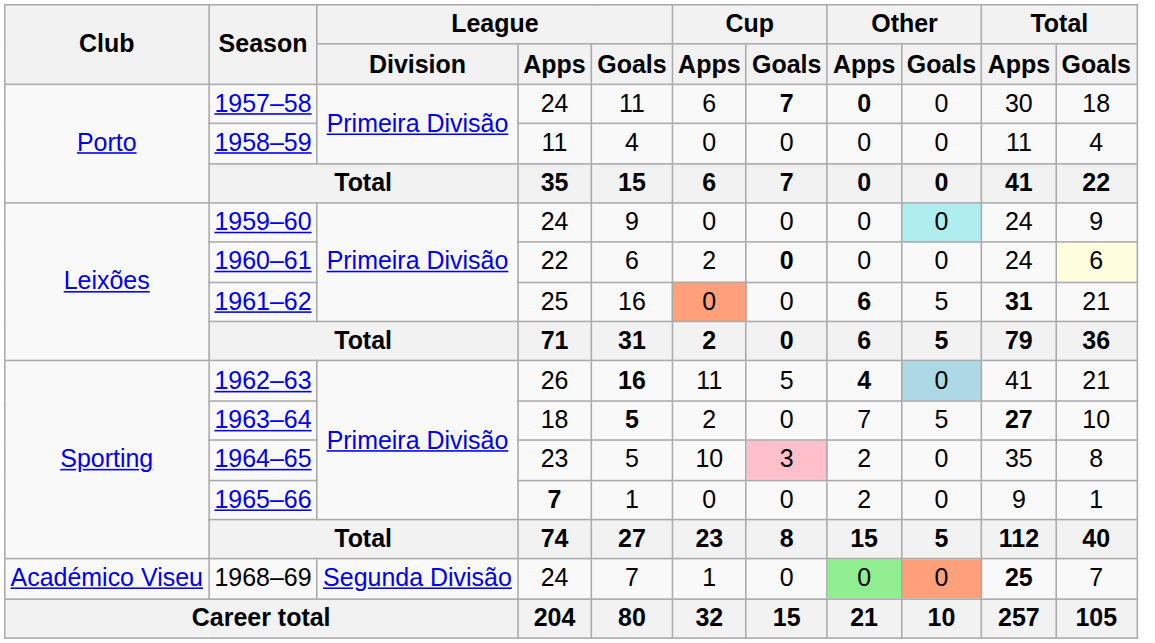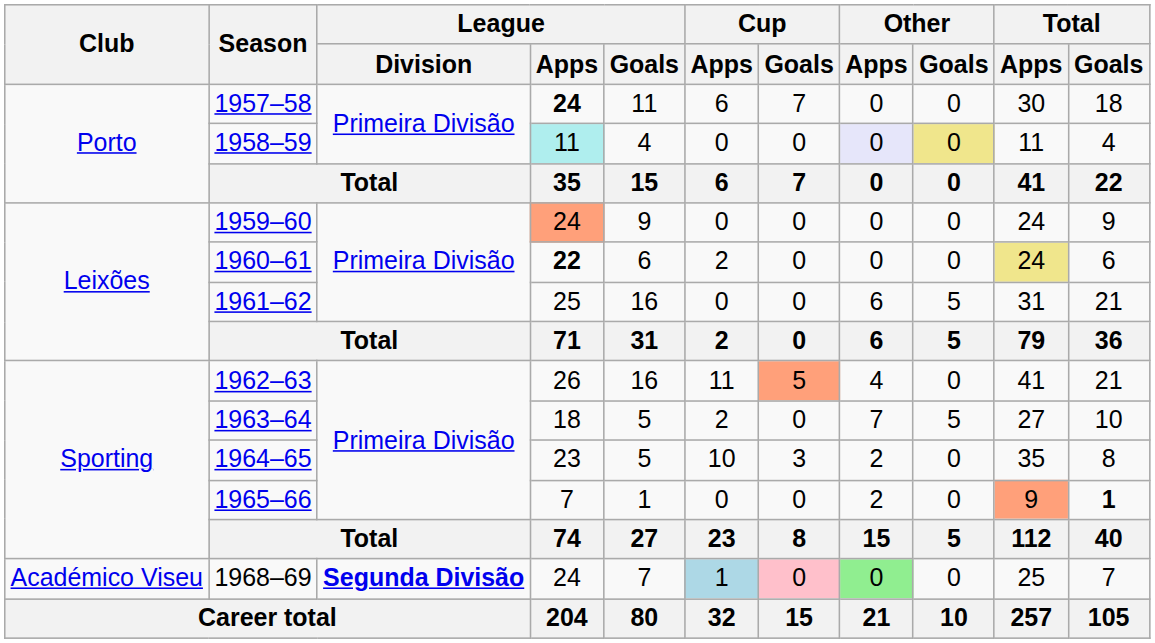 <table class="wikitable" style="text-align: center">
 <tr>
 <th rowspan="2">Club</th>
 <th rowspan="2">Season</th>
 <th colspan="3">League</th>
 <th colspan="2">Cup</th>
 <th colspan="2">Other</th>
 <th colspan="2">Total</th>
 </tr>
 <tr>
 <th>Division</th>
 <th>Apps</th>
 <th>Goals</th>
 <th>Apps</th>
 <th>Goals</th>
 <th>Apps</th>
 <th>Goals</th>
 <th>Apps</th>
 <th>Goals</th>
 </tr>
 <tr>
 <td rowspan="3"><a href='#'>Porto</a></td>
 <td><a href='#'>1957–58</a></td>
 <td rowspan="2"><a href='#'>Primeira Divisão</a></td>
-<td>24</td>
+<td><strong>24</strong></td>
 <td>11</td>
 <td>6</td>
-<td><strong>7</strong></td>
-<td><strong>0</strong></td>
+<td>7</td>
+<td>0</td>
 <td>0</td>
 <td>30</td>
 <td>18</td>
 </tr>
 <tr>
 <td><a href='#'>1958–59</a></td>
-<td>11</td>
+<td style="background: paleturquoise;">11</td>
 <td>4</td>
 <td>0</td>
 <td>0</td>
-<td>0</td>
-<td>0</td>
+<td style="background: lavender;">0</td>
+<td style="background: khaki;">0</td>
 <td>11</td>
 <td>4</td>
 </tr>
 <tr>
 <th colspan="2"><strong>Total</strong></th>
 <th>35</th>
 <th>15</th>
 <th>6</th>
 <th>7</th>
 <th>0</th>
 <th>0</th>
 <th>41</th>
 <th>22</th>
 </tr>
 <tr>
 <td rowspan="4"><a href='#'>Leixões</a></td>
 <td><a href='#'>1959–60</a></td>
 <td rowspan="3"><a href='#'>Primeira Divisão</a></td>
-<td>24</td>
+<td style="background: lightsalmon;">24</td>
 <td>9</td>
 <td>0</td>
 <td>0</td>
 <td>0</td>
-<td style="background: paleturquoise;">0</td>
+<td>0</td>
 <td>24</td>
 <td>9</td>
 </tr>
 <tr>
 <td><a href='#'>1960–61</a></td>
-<td>22</td>
+<td><strong>22</strong></td>
 <td>6</td>
 <td>2</td>
-<td><strong>0</strong></td>
 <td>0</td>
 <td>0</td>
-<td>24</td>
-<td style="background: lightyellow;">6</td>
+<td>0</td>
+<td style="background: khaki;">24</td>
+<td>6</td>
 </tr>
 <tr>
 <td><a href='#'>1961–62</a></td>
 <td>25</td>
 <td>16</td>
-<td style="background: lightsalmon;">0</td>
 <td>0</td>
-<td><strong>6</strong></td>
+<td>0</td>
+<td>6</td>
 <td>5</td>
-<td><strong>31</strong></td>
+<td>31</td>
 <td>21</td>
 </tr>
 <tr>
 <th colspan="2"><strong>Total</strong></th>
 <th>71</th>
 <th>31</th>
 <th>2</th>
 <th>0</th>
 <th>6</th>
 <th>5</th>
 <th>79</th>
 <th>36</th>
 </tr>
 <tr>
 <td rowspan="5"><a href='#'>Sporting</a></td>
 <td><a href='#'>1962–63</a></td>
 <td rowspan="4"><a href='#'>Primeira Divisão</a></td>
 <td>26</td>
-<td><strong>16</strong></td>
+<td>16</td>
 <td>11</td>
-<td>5</td>
-<td><strong>4</strong></td>
-<td style="background: lightblue;">0</td>
+<td style="background: lightsalmon;">5</td>
+<td>4</td>
+<td>0</td>
 <td>41</td>
 <td>21</td>
 </tr>
 <tr>
 <td><a href='#'>1963–64</a></td>
 <td>18</td>
-<td><strong>5</strong></td>
+<td>5</td>
 <td>2</td>
 <td>0</td>
 <td>7</td>
 <td>5</td>
-<td><strong>27</strong></td>
+<td>27</td>
 <td>10</td>
 </tr>
 <tr>
 <td><a href='#'>1964–65</a></td>
 <td>23</td>
 <td>5</td>
 <td>10</td>
-<td style="background: pink;">3</td>
+<td>3</td>
 <td>2</td>
 <td>0</td>
 <td>35</td>
 <td>8</td>
 </tr>
 <tr>
 <td><a href='#'>1965–66</a></td>
-<td><strong>7</strong></td>
+<td>7</td>
 <td>1</td>
 <td>0</td>
 <td>0</td>
 <td>2</td>
 <td>0</td>
-<td>9</td>
-<td>1</td>
+<td style="background: lightsalmon;">9</td>
+<td><strong>1</strong></td>
 </tr>
 <tr>
 <th colspan="2"><strong>Total</strong></th>
 <th>74</th>
 <th>27</th>
 <th>23</th>
 <th>8</th>
 <th>15</th>
 <th>5</th>
 <th>112</th>
 <th>40</th>
 </tr>
 <tr>
 <td><a href='#'>Académico Viseu</a></td>
 <td>1968–69</td>
-<td><a href='#'>Segunda Divisão</a></td>
+<td><strong><a href='#'>Segunda Divisão</a></strong></td>
 <td>24</td>
 <td>7</td>
-<td>1</td>
+<td style="background: lightblue;">1</td>
+<td style="background: pink;">0</td>
+<td style="background: lightgreen;">0</td>
 <td>0</td>
-<td style="background: lightgreen;">0</td>
-<td style="background: lightsalmon;">0</td>
-<td><strong>25</strong></td>
+<td>25</td>
 <td>7</td>
 </tr>
 <tr>
 <th colspan="3"><strong>Career total</strong></th>
 <th>204</th>
 <th>80</th>
 <th>32</th>
 <th>15</th>
 <th>21</th>
 <th>10</th>
 <th>257</th>
 <th>105</th>
 </tr>
 </table>
